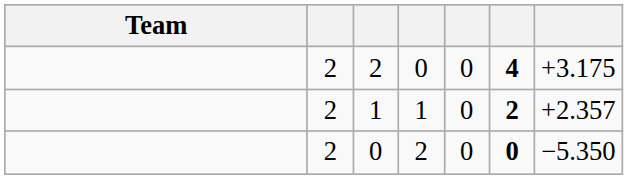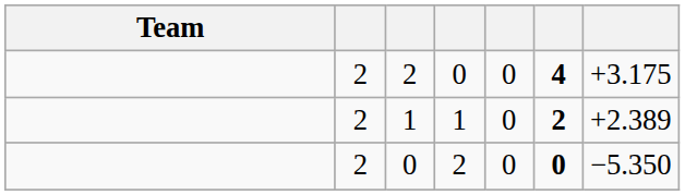 <table class="wikitable" style="text-align:center">
 <tr>
 <th width=175>Team</th>
 <th width=20></th>
 <th width=20></th>
 <th width=20></th>
 <th width=20></th>
 <th width=20></th>
 <th width=20></th>
 </tr>
 <tr>
 <td align="left"></td>
 <td>2</td>
 <td>2</td>
 <td>0</td>
 <td>0</td>
 <td><strong>4</strong></td>
 <td>+3.175</td>
 </tr>
 <tr>
 <td align="left"></td>
 <td>2</td>
 <td>1</td>
 <td>1</td>
 <td>0</td>
 <td><strong>2</strong></td>
-<td>+2.357</td>
+<td>+2.389</td>
 </tr>
 <tr>
 <td align="left"></td>
 <td>2</td>
 <td>0</td>
 <td>2</td>
 <td>0</td>
 <td><strong>0</strong></td>
 <td>−5.350</td>
 </tr>
 </table>
